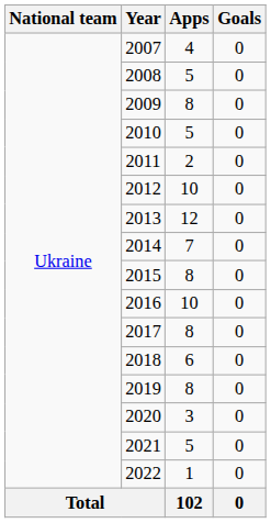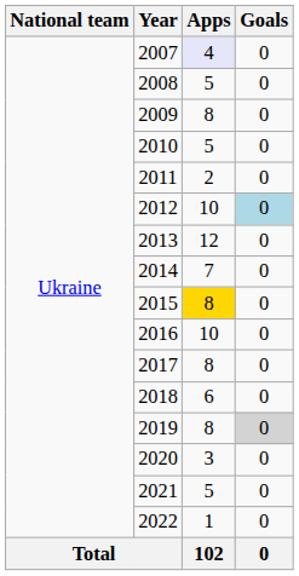 <table class="wikitable" style="text-align:center">
 <tr>
 <th>National team</th>
 <th>Year</th>
 <th>Apps</th>
 <th>Goals</th>
 </tr>
 <tr>
 <td rowspan="16"><a href='#'>Ukraine</a></td>
 <td>2007</td>
-<td>4</td>
+<td style="background: lavender;">4</td>
 <td>0</td>
 </tr>
 <tr>
 <td>2008</td>
 <td>5</td>
 <td>0</td>
 </tr>
 <tr>
 <td>2009</td>
 <td>8</td>
 <td>0</td>
 </tr>
 <tr>
 <td>2010</td>
 <td>5</td>
 <td>0</td>
 </tr>
 <tr>
 <td>2011</td>
 <td>2</td>
 <td>0</td>
 </tr>
 <tr>
 <td>2012</td>
 <td>10</td>
-<td>0</td>
+<td style="background: lightblue;">0</td>
 </tr>
 <tr>
 <td>2013</td>
 <td>12</td>
 <td>0</td>
 </tr>
 <tr>
 <td>2014</td>
 <td>7</td>
 <td>0</td>
 </tr>
 <tr>
 <td>2015</td>
-<td>8</td>
+<td style="background: gold;">8</td>
 <td>0</td>
 </tr>
 <tr>
 <td>2016</td>
 <td>10</td>
 <td>0</td>
 </tr>
 <tr>
 <td>2017</td>
 <td>8</td>
 <td>0</td>
 </tr>
 <tr>
 <td>2018</td>
 <td>6</td>
 <td>0</td>
 </tr>
 <tr>
 <td>2019</td>
 <td>8</td>
-<td>0</td>
+<td style="background: lightgrey;">0</td>
 </tr>
 <tr>
 <td>2020</td>
 <td>3</td>
 <td>0</td>
 </tr>
 <tr>
 <td>2021</td>
 <td>5</td>
 <td>0</td>
 </tr>
 <tr>
 <td>2022</td>
 <td>1</td>
 <td>0</td>
 </tr>
 <tr>
 <th colspan="2">Total</th>
 <th>102</th>
 <th>0</th>
 </tr>
 </table>
